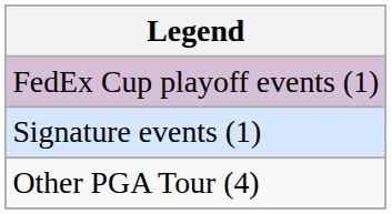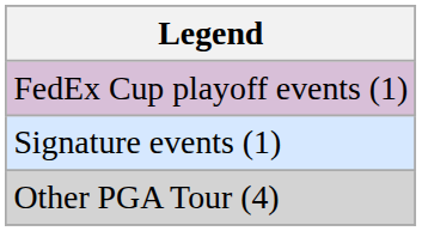 <table class="wikitable" style="font-size:95%;">
 <tr>
 <th>Legend</th>
 </tr>
 <tr style="background:#D8BFD8;">
 <td>FedEx Cup playoff events (1)</td>
 </tr>
 <tr style="background:#D6E8FF;">
 <td>Signature events (1)</td>
 </tr>
 <tr>
-<td>Other PGA Tour (4)</td>
+<td style="background: lightgrey;">Other PGA Tour (4)</td>
 </tr>
 </table>
